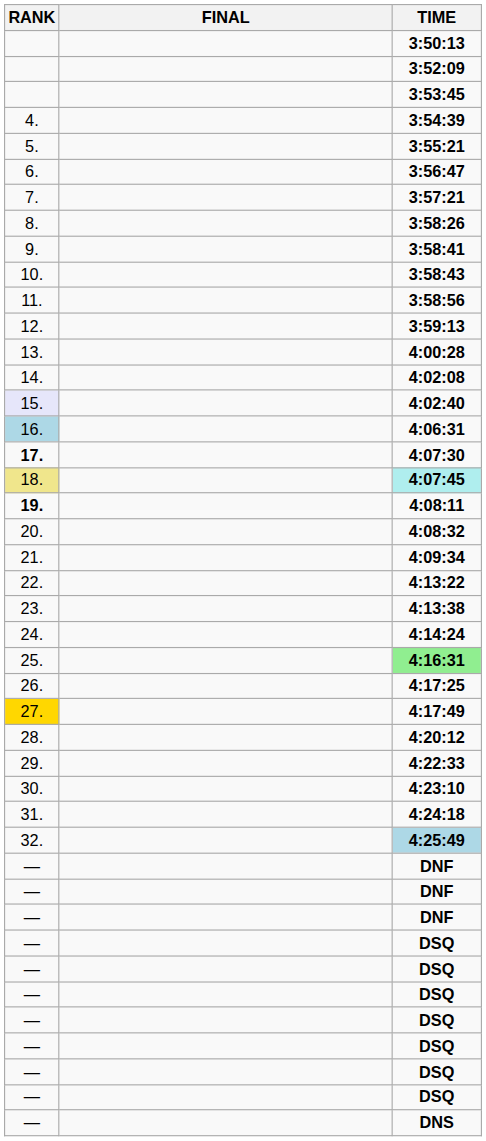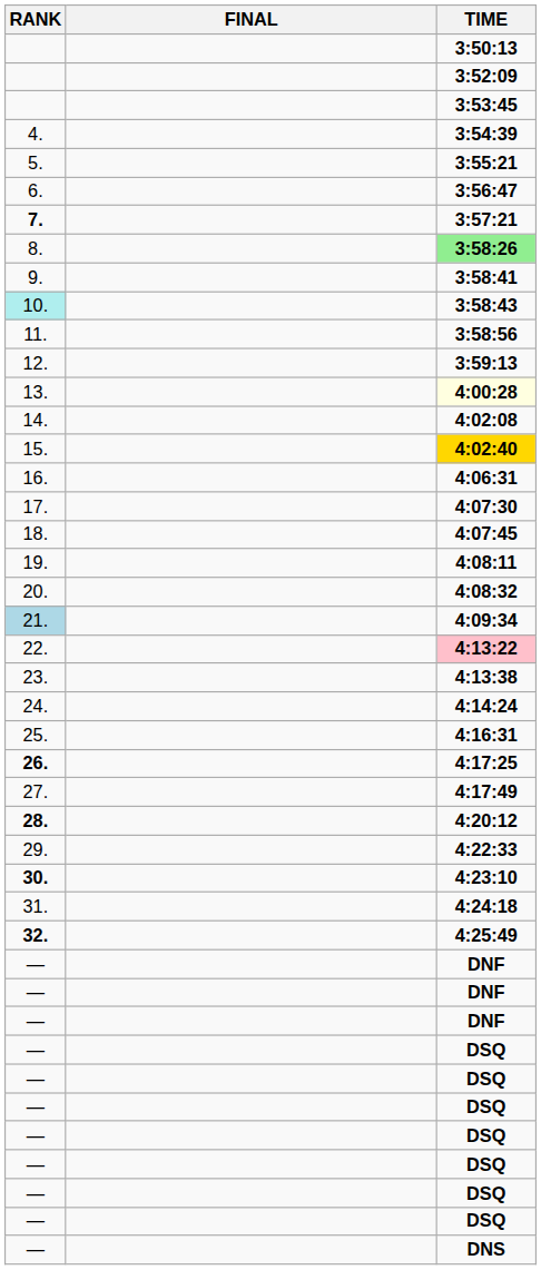 <table class="wikitable" style="border-collapse: collapse; font-size: 90%;">
 <tr>
 <th>RANK</th>
 <th style="width: 20em">FINAL</th>
 <th style="width: 5em">TIME</th>
 </tr>
 <tr>
 <td align="center"></td>
 <td></td>
 <td align="center"><strong>3:50:13</strong></td>
 </tr>
 <tr>
 <td align="center"></td>
 <td></td>
 <td align="center"><strong>3:52:09</strong></td>
 </tr>
 <tr>
 <td align="center"></td>
 <td></td>
 <td align="center"><strong>3:53:45</strong></td>
 </tr>
 <tr>
 <td align="center">4.</td>
 <td></td>
 <td align="center"><strong>3:54:39</strong></td>
 </tr>
 <tr>
 <td align="center">5.</td>
 <td></td>
 <td align="center"><strong>3:55:21</strong></td>
 </tr>
 <tr>
 <td align="center">6.</td>
 <td></td>
 <td align="center"><strong>3:56:47</strong></td>
 </tr>
 <tr>
-<td align="center">7.</td>
+<td align="center"><strong>7.</strong></td>
 <td></td>
 <td align="center"><strong>3:57:21</strong></td>
 </tr>
 <tr>
 <td align="center">8.</td>
 <td></td>
-<td align="center"><strong>3:58:26</strong></td>
+<td align="center" style="background: lightgreen;"><strong>3:58:26</strong></td>
 </tr>
 <tr>
 <td align="center">9.</td>
 <td></td>
 <td align="center"><strong>3:58:41</strong></td>
 </tr>
 <tr>
-<td align="center">10.</td>
+<td align="center" style="background: paleturquoise;">10.</td>
 <td></td>
 <td align="center"><strong>3:58:43</strong></td>
 </tr>
 <tr>
 <td align="center">11.</td>
 <td></td>
 <td align="center"><strong>3:58:56</strong></td>
 </tr>
 <tr>
 <td align="center">12.</td>
 <td></td>
 <td align="center"><strong>3:59:13</strong></td>
 </tr>
 <tr>
 <td align="center">13.</td>
 <td></td>
-<td align="center"><strong>4:00:28</strong></td>
+<td align="center" style="background: lightyellow;"><strong>4:00:28</strong></td>
 </tr>
 <tr>
 <td align="center">14.</td>
 <td></td>
 <td align="center"><strong>4:02:08</strong></td>
 </tr>
 <tr>
-<td align="center" style="background: lavender;">15.</td>
+<td align="center">15.</td>
 <td></td>
-<td align="center"><strong>4:02:40</strong></td>
+<td align="center" style="background: gold;"><strong>4:02:40</strong></td>
 </tr>
 <tr>
-<td align="center" style="background: lightblue;">16.</td>
+<td align="center">16.</td>
 <td></td>
 <td align="center"><strong>4:06:31</strong></td>
 </tr>
 <tr>
-<td align="center"><strong>17.</strong></td>
+<td align="center">17.</td>
 <td></td>
 <td align="center"><strong>4:07:30</strong></td>
 </tr>
 <tr>
-<td align="center" style="background: khaki;">18.</td>
+<td align="center">18.</td>
 <td></td>
-<td align="center" style="background: paleturquoise;"><strong>4:07:45</strong></td>
+<td align="center"><strong>4:07:45</strong></td>
 </tr>
 <tr>
-<td align="center"><strong>19.</strong></td>
+<td align="center">19.</td>
 <td></td>
 <td align="center"><strong>4:08:11</strong></td>
 </tr>
 <tr>
 <td align="center">20.</td>
 <td></td>
 <td align="center"><strong>4:08:32</strong></td>
 </tr>
 <tr>
-<td align="center">21.</td>
+<td align="center" style="background: lightblue;">21.</td>
 <td></td>
 <td align="center"><strong>4:09:34</strong></td>
 </tr>
 <tr>
 <td align="center">22.</td>
 <td></td>
-<td align="center"><strong>4:13:22</strong></td>
+<td align="center" style="background: pink;"><strong>4:13:22</strong></td>
 </tr>
 <tr>
 <td align="center">23.</td>
 <td></td>
 <td align="center"><strong>4:13:38</strong></td>
 </tr>
 <tr>
 <td align="center">24.</td>
 <td></td>
 <td align="center"><strong>4:14:24</strong></td>
 </tr>
 <tr>
 <td align="center">25.</td>
 <td></td>
-<td align="center" style="background: lightgreen;"><strong>4:16:31</strong></td>
+<td align="center"><strong>4:16:31</strong></td>
 </tr>
 <tr>
-<td align="center">26.</td>
+<td align="center"><strong>26.</strong></td>
 <td></td>
 <td align="center"><strong>4:17:25</strong></td>
 </tr>
 <tr>
-<td align="center" style="background: gold;">27.</td>
+<td align="center">27.</td>
 <td></td>
 <td align="center"><strong>4:17:49</strong></td>
 </tr>
 <tr>
-<td align="center">28.</td>
+<td align="center"><strong>28.</strong></td>
 <td></td>
 <td align="center"><strong>4:20:12</strong></td>
 </tr>
 <tr>
 <td align="center">29.</td>
 <td></td>
 <td align="center"><strong>4:22:33</strong></td>
 </tr>
 <tr>
-<td align="center">30.</td>
+<td align="center"><strong>30.</strong></td>
 <td></td>
 <td align="center"><strong>4:23:10</strong></td>
 </tr>
 <tr>
 <td align="center">31.</td>
 <td></td>
 <td align="center"><strong>4:24:18</strong></td>
 </tr>
 <tr>
-<td align="center">32.</td>
+<td align="center"><strong>32.</strong></td>
 <td></td>
-<td align="center" style="background: lightblue;"><strong>4:25:49</strong></td>
+<td align="center"><strong>4:25:49</strong></td>
 </tr>
 <tr>
 <td align="center">—</td>
 <td></td>
 <td align="center"><strong>DNF</strong></td>
 </tr>
 <tr>
 <td align="center">—</td>
 <td></td>
 <td align="center"><strong>DNF</strong></td>
 </tr>
 <tr>
 <td align="center">—</td>
 <td></td>
 <td align="center"><strong>DNF</strong></td>
 </tr>
 <tr>
 <td align="center">—</td>
 <td></td>
 <td align="center"><strong>DSQ</strong></td>
 </tr>
 <tr>
 <td align="center">—</td>
 <td></td>
 <td align="center"><strong>DSQ</strong></td>
 </tr>
 <tr>
 <td align="center">—</td>
 <td></td>
 <td align="center"><strong>DSQ</strong></td>
 </tr>
 <tr>
 <td align="center">—</td>
 <td></td>
 <td align="center"><strong>DSQ</strong></td>
 </tr>
 <tr>
 <td align="center">—</td>
 <td></td>
 <td align="center"><strong>DSQ</strong></td>
 </tr>
 <tr>
 <td align="center">—</td>
 <td></td>
 <td align="center"><strong>DSQ</strong></td>
 </tr>
 <tr>
 <td align="center">—</td>
 <td></td>
 <td align="center"><strong>DSQ</strong></td>
 </tr>
 <tr>
 <td align="center">—</td>
 <td></td>
 <td align="center"><strong>DNS</strong></td>
 </tr>
 </table>
